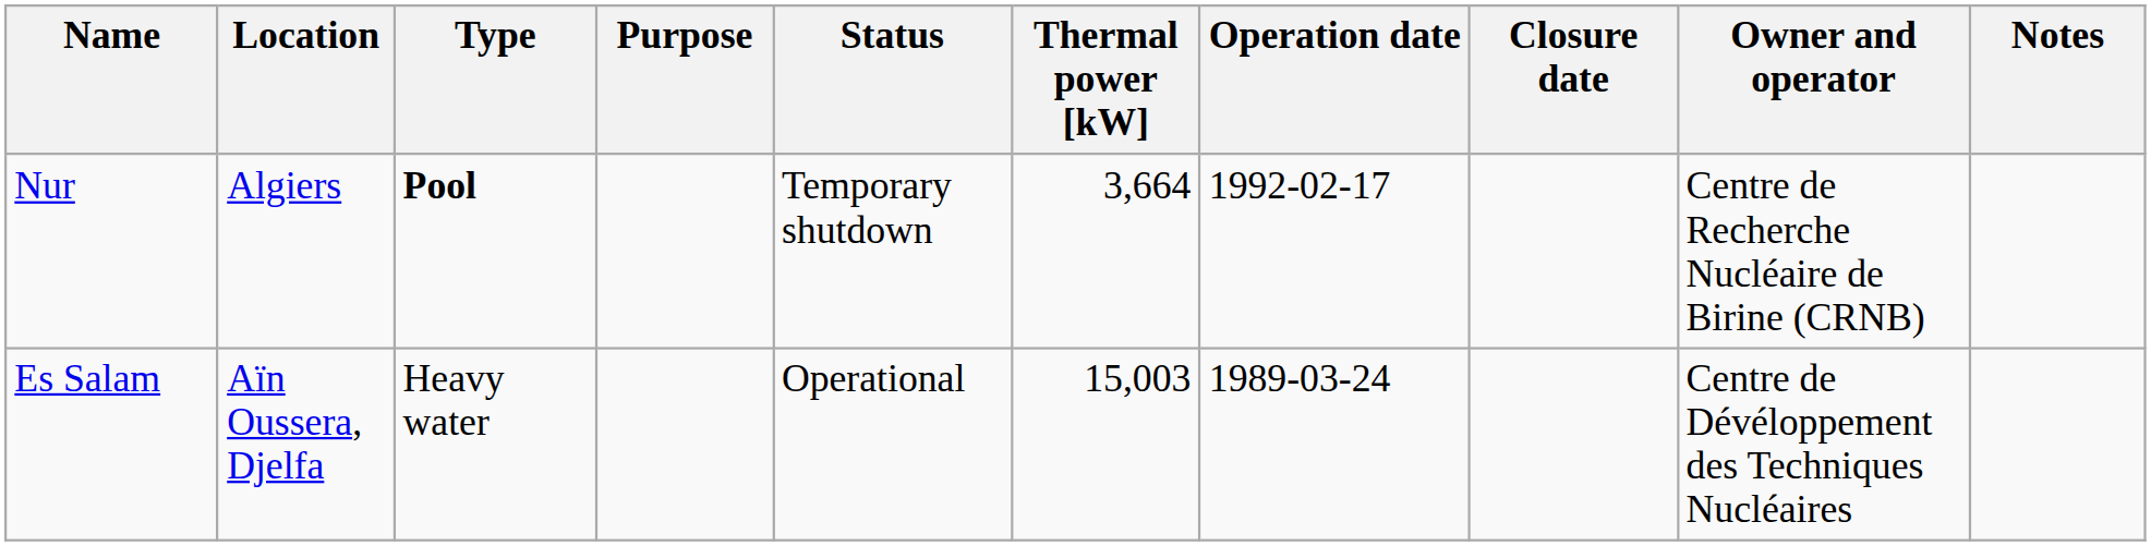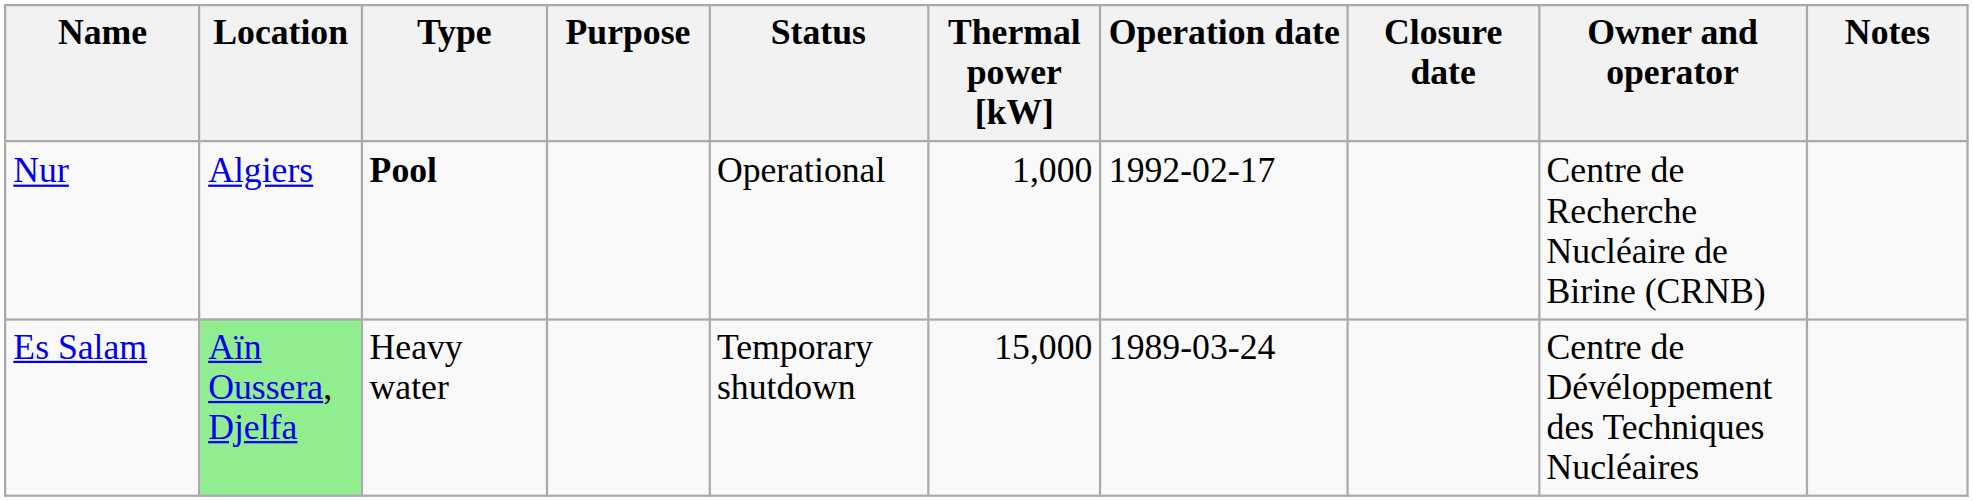 <table class="wikitable" >
 <tr valign="top">
 <th width="80">Name</th>
 <th width="65">Location</th>
 <th width="76">Type</th>
 <th width="65">Purpose</th>
 <th width="91">Status</th>
 <th width="70“">Thermal power [kW]</th>
 <th width=„67“>Operation date</th>
 <th width="78“">Closure date</th>
 <th width="113“">Owner and operator</th>
 <th width="65">Notes</th>
 </tr>
 <tr valign="top">
 <td><a href='#'>Nur</a></td>
 <td><a href='#'>Algiers</a></td>
 <td><strong>Pool</strong></td>
 <td> </td>
-<td>Temporary shutdown</td>
-<td align="right">3,664</td>
+<td>Operational</td>
+<td align="right">1,000</td>
 <td>1992-02-17</td>
 <td></td>
 <td>Centre de Recherche Nucléaire de Birine (CRNB)</td>
 <td> </td>
 </tr>
 <tr valign="top">
 <td><a href='#'>Es Salam</a></td>
-<td><a href='#'>Aïn Oussera</a>, <a href='#'>Djelfa</a></td>
+<td style="background: lightgreen;"><a href='#'>Aïn Oussera</a>, <a href='#'>Djelfa</a></td>
 <td>Heavy water</td>
 <td> </td>
-<td>Operational</td>
-<td align="right">15,003</td>
+<td>Temporary shutdown</td>
+<td align="right">15,000</td>
 <td>1989-03-24</td>
 <td> </td>
 <td>Centre de Dévéloppement des Techniques Nucléaires</td>
 <td> </td>
 </tr>
 </table>
